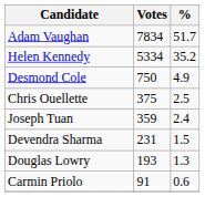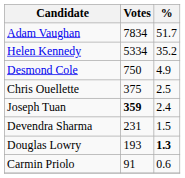 <table class="wikitable">
 <tr>
 <th bgcolor="#DDDDFF" width="150px">Candidate</th>
 <th bgcolor="#DDDDFF">Votes</th>
 <th bgcolor="#DDDDFF">%</th>
 </tr>
 <tr>
 <td><a href='#'>Adam Vaughan</a></td>
 <td>7834</td>
 <td>51.7</td>
 </tr>
 <tr>
 <td><a href='#'>Helen Kennedy</a></td>
 <td>5334</td>
 <td>35.2</td>
 </tr>
 <tr>
 <td><a href='#'>Desmond Cole</a></td>
 <td>750</td>
 <td>4.9</td>
 </tr>
 <tr>
 <td>Chris Ouellette</td>
 <td>375</td>
 <td>2.5</td>
 </tr>
 <tr>
 <td>Joseph Tuan</td>
-<td>359</td>
+<td><strong>359</strong></td>
 <td>2.4</td>
 </tr>
 <tr>
 <td>Devendra Sharma</td>
 <td>231</td>
 <td>1.5</td>
 </tr>
 <tr>
 <td>Douglas Lowry</td>
 <td>193</td>
-<td>1.3</td>
+<td><strong>1.3</strong></td>
 </tr>
 <tr>
 <td>Carmin Priolo</td>
 <td>91</td>
 <td>0.6</td>
 </tr>
 <tr>
 </tr>
 </table>
